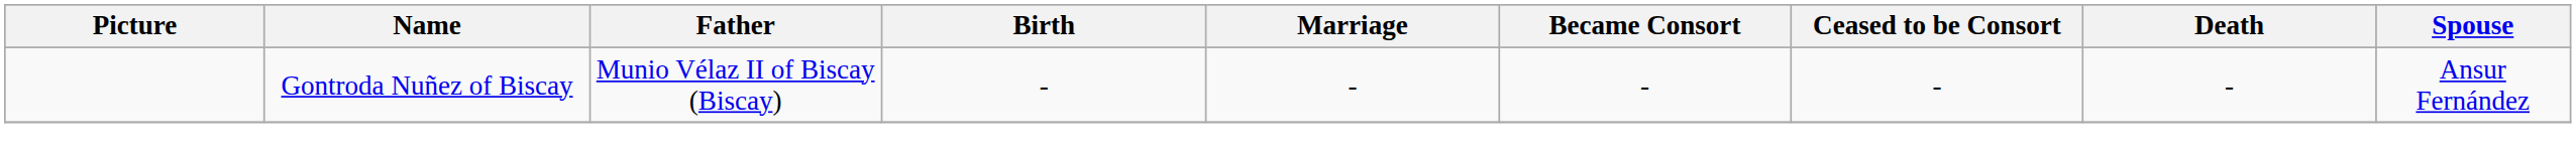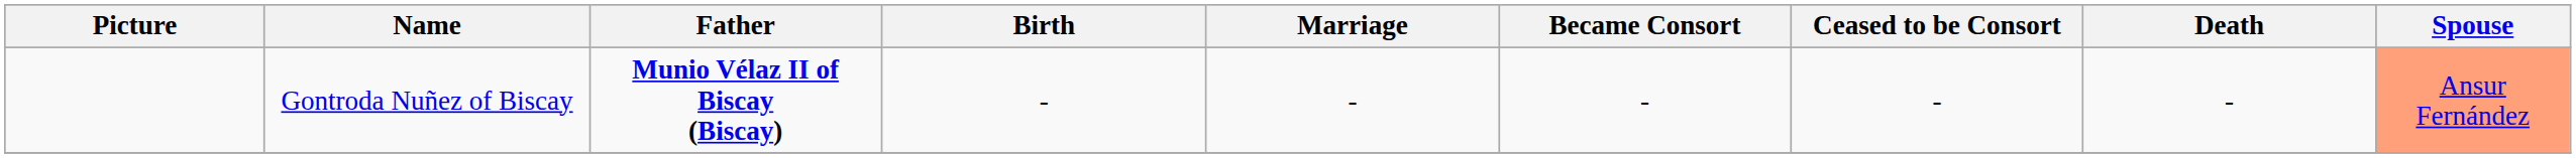 <table width=95% class="wikitable">
 <tr>
 <th width = "8%">Picture</th>
 <th width = "10%">Name</th>
 <th width = "9%">Father</th>
 <th width = "10%">Birth</th>
 <th width = "9%">Marriage</th>
 <th width = "9%">Became Consort</th>
 <th width = "9%">Ceased to be Consort</th>
 <th width = "9%">Death</th>
 <th width = "6%"><a href='#'>Spouse</a></th>
 </tr>
 <tr>
 <td align="center"></td>
 <td align="center"><a href='#'>Gontroda Nuñez of Biscay</a></td>
-<td align="center"><a href='#'>Munio Vélaz II of Biscay</a><br>(<a href='#'>Biscay</a>)</td>
+<td align="center"><strong><a href='#'>Munio Vélaz II of Biscay</a><br>(<a href='#'>Biscay</a>)</strong></td>
 <td align="center">-</td>
 <td align="center">-</td>
 <td align="center">-</td>
 <td align="center">-</td>
 <td align="center">-</td>
-<td align="center"><a href='#'>Ansur Fernández</a></td>
+<td align="center" style="background: lightsalmon;"><a href='#'>Ansur Fernández</a></td>
 </tr>
 <tr>
 </tr>
 </table>
